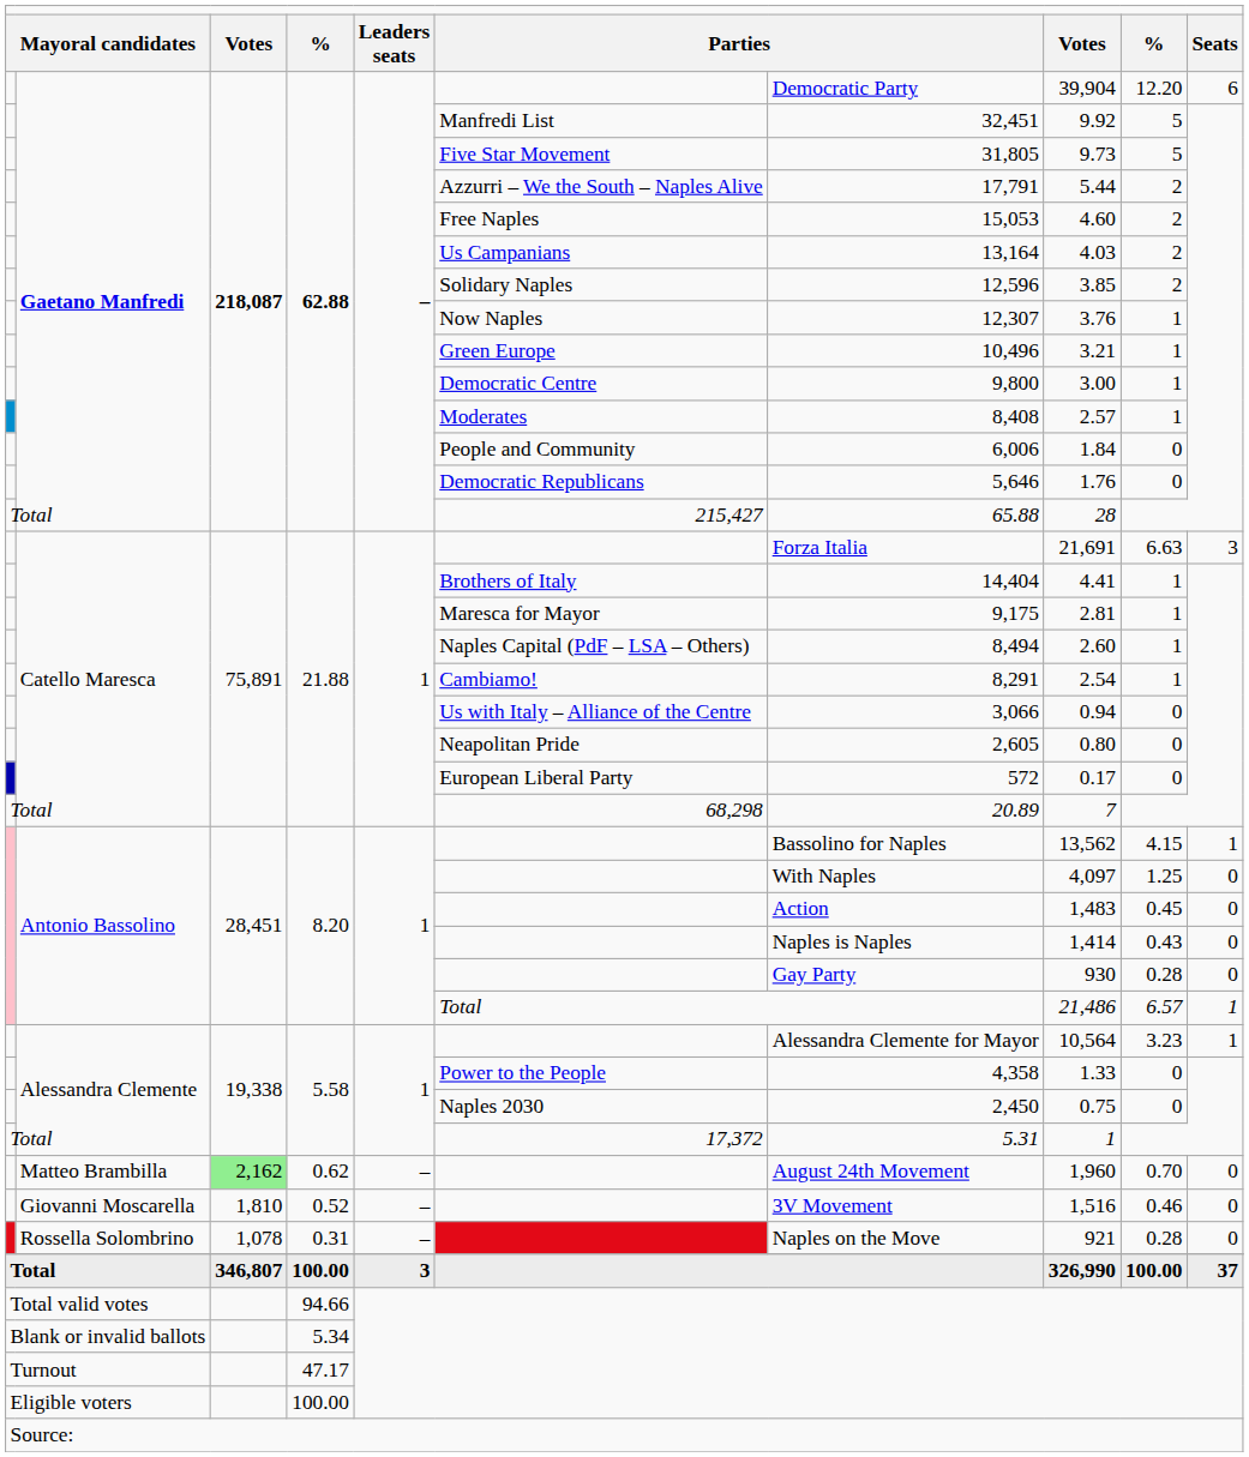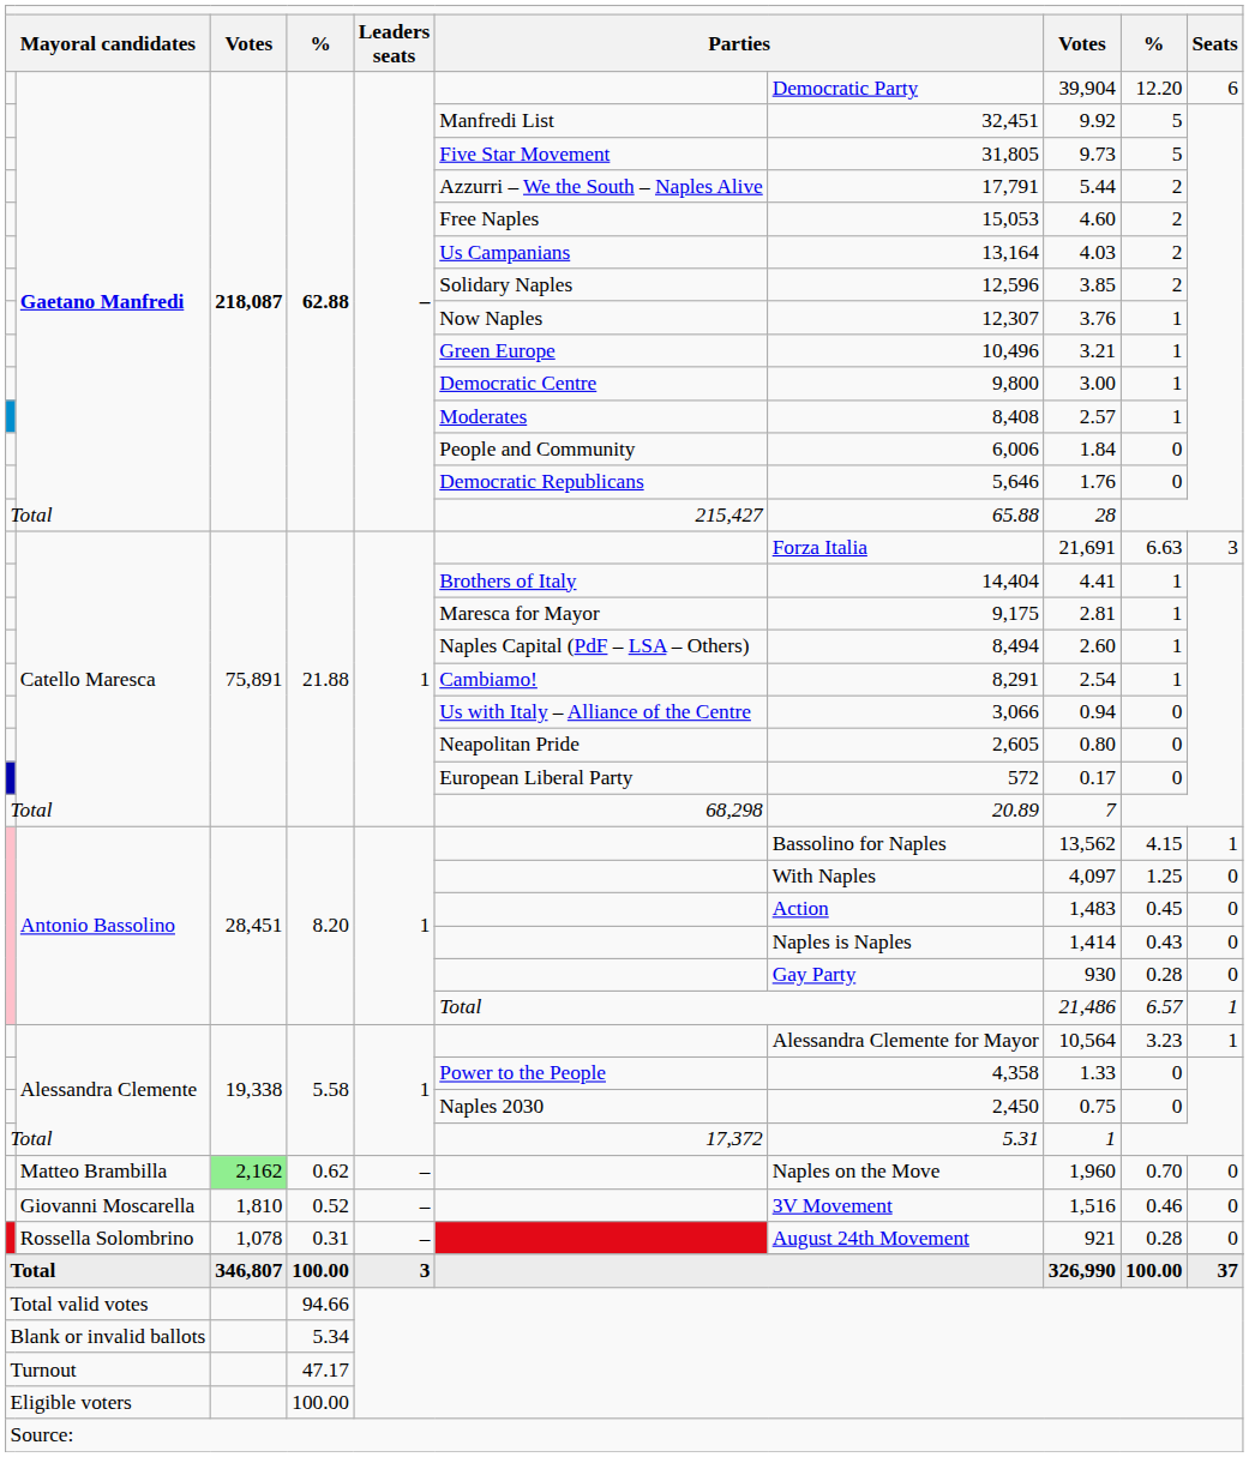 <table class="wikitable" style="text-align:right;">
 <tr>
 <td colspan="11"></td>
 </tr>
 <tr>
 <th colspan="2">Mayoral candidates</th>
 <th>Votes</th>
 <th>%</th>
 <th>Leaders<br> seats</th>
 <th colspan="2">Parties</th>
 <th>Votes</th>
 <th>%</th>
 <th>Seats</th>
 </tr>
 <tr>
 <td></td>
 <td rowspan=14 align=left><strong><a href='#'>Gaetano Manfredi</a></strong></td>
 <td rowspan=14><strong>218,087</strong></td>
 <td rowspan=14><strong>62.88</strong></td>
 <td rowspan=14><strong>–</strong></td>
 <td></td>
 <td align=left><a href='#'>Democratic Party</a></td>
 <td>39,904</td>
 <td>12.20</td>
 <td>6</td>
 </tr>
 <tr>
 <td></td>
 <td align=left>Manfredi List</td>
 <td>32,451</td>
 <td>9.92</td>
 <td>5</td>
 </tr>
 <tr>
 <td></td>
 <td align=left><a href='#'>Five Star Movement</a></td>
 <td>31,805</td>
 <td>9.73</td>
 <td>5</td>
 </tr>
 <tr>
 <td></td>
 <td align=left>Azzurri – <a href='#'>We the South</a> – <a href='#'>Naples Alive</a></td>
 <td>17,791</td>
 <td>5.44</td>
 <td>2</td>
 </tr>
 <tr>
 <td></td>
 <td align=left>Free Naples</td>
 <td>15,053</td>
 <td>4.60</td>
 <td>2</td>
 </tr>
 <tr>
 <td></td>
 <td align=left><a href='#'>Us Campanians</a></td>
 <td>13,164</td>
 <td>4.03</td>
 <td>2</td>
 </tr>
 <tr>
 <td></td>
 <td align=left>Solidary Naples</td>
 <td>12,596</td>
 <td>3.85</td>
 <td>2</td>
 </tr>
 <tr>
 <td></td>
 <td align=left>Now Naples</td>
 <td>12,307</td>
 <td>3.76</td>
 <td>1</td>
 </tr>
 <tr>
 <td></td>
 <td align=left><a href='#'>Green Europe</a></td>
 <td>10,496</td>
 <td>3.21</td>
 <td>1</td>
 </tr>
 <tr>
 <td></td>
 <td align=left><a href='#'>Democratic Centre</a></td>
 <td>9,800</td>
 <td>3.00</td>
 <td>1</td>
 </tr>
 <tr>
 <td bgcolor="#008ECE"></td>
 <td align=left><a href='#'>Moderates</a></td>
 <td>8,408</td>
 <td>2.57</td>
 <td>1</td>
 </tr>
 <tr>
 <td></td>
 <td align=left>People and Community</td>
 <td>6,006</td>
 <td>1.84</td>
 <td>0</td>
 </tr>
 <tr>
 <td></td>
 <td align=left><a href='#'>Democratic Republicans</a></td>
 <td>5,646</td>
 <td>1.76</td>
 <td>0</td>
 </tr>
 <tr>
 <td colspan=2 style="text-align:left;"><em>Total</em></td>
 <td><em>215,427</em></td>
 <td><em>65.88</em></td>
 <td><em>28</em></td>
 </tr>
 <tr>
 <td></td>
 <td rowspan=9 align=left>Catello Maresca</td>
 <td rowspan=9>75,891</td>
 <td rowspan=9>21.88</td>
 <td rowspan=9>1</td>
 <td></td>
 <td align=left><a href='#'>Forza Italia</a></td>
 <td>21,691</td>
 <td>6.63</td>
 <td>3</td>
 </tr>
 <tr>
 <td></td>
 <td align=left><a href='#'>Brothers of Italy</a></td>
 <td>14,404</td>
 <td>4.41</td>
 <td>1</td>
 </tr>
 <tr>
 <td></td>
 <td align=left>Maresca for Mayor</td>
 <td>9,175</td>
 <td>2.81</td>
 <td>1</td>
 </tr>
 <tr>
 <td></td>
 <td align=left>Naples Capital (<a href='#'>PdF</a> – <a href='#'>LSA</a> – Others)</td>
 <td>8,494</td>
 <td>2.60</td>
 <td>1</td>
 </tr>
 <tr>
 <td></td>
 <td align=left><a href='#'>Cambiamo!</a></td>
 <td>8,291</td>
 <td>2.54</td>
 <td>1</td>
 </tr>
 <tr>
 <td></td>
 <td align=left><a href='#'>Us with Italy</a> – <a href='#'>Alliance of the Centre</a></td>
 <td>3,066</td>
 <td>0.94</td>
 <td>0</td>
 </tr>
 <tr>
 <td></td>
 <td align=left>Neapolitan Pride</td>
 <td>2,605</td>
 <td>0.80</td>
 <td>0</td>
 </tr>
 <tr>
 <td bgcolor="#0000AC"></td>
 <td align=left>European Liberal Party</td>
 <td>572</td>
 <td>0.17</td>
 <td>0</td>
 </tr>
 <tr>
 <td colspan=2 style="text-align:left;"><em>Total</em></td>
 <td><em>68,298</em></td>
 <td><em>20.89</em></td>
 <td><em>7</em></td>
 </tr>
 <tr>
 <td bgcolor="pink" rowspan=6></td>
 <td rowspan=6 align=left><a href='#'>Antonio Bassolino</a></td>
 <td rowspan=6>28,451</td>
 <td rowspan=6>8.20</td>
 <td rowspan=6>1</td>
 <td></td>
 <td align=left>Bassolino for Naples</td>
 <td>13,562</td>
 <td>4.15</td>
 <td>1</td>
 </tr>
 <tr>
 <td></td>
 <td align=left>With Naples</td>
 <td>4,097</td>
 <td>1.25</td>
 <td>0</td>
 </tr>
 <tr>
 <td></td>
 <td align=left><a href='#'>Action</a></td>
 <td>1,483</td>
 <td>0.45</td>
 <td>0</td>
 </tr>
 <tr>
 <td></td>
 <td align=left>Naples is Naples</td>
 <td>1,414</td>
 <td>0.43</td>
 <td>0</td>
 </tr>
 <tr>
 <td></td>
 <td align=left><a href='#'>Gay Party</a></td>
 <td>930</td>
 <td>0.28</td>
 <td>0</td>
 </tr>
 <tr>
 <td colspan=2 style="text-align:left;"><em>Total</em></td>
 <td><em>21,486</em></td>
 <td><em>6.57</em></td>
 <td><em>1</em></td>
 </tr>
 <tr>
 <td></td>
 <td rowspan=4 align=left>Alessandra Clemente</td>
 <td rowspan=4>19,338</td>
 <td rowspan=4>5.58</td>
 <td rowspan=4>1</td>
 <td></td>
 <td align=left>Alessandra Clemente for Mayor</td>
 <td>10,564</td>
 <td>3.23</td>
 <td>1</td>
 </tr>
 <tr>
 <td></td>
 <td align=left><a href='#'>Power to the People</a></td>
 <td>4,358</td>
 <td>1.33</td>
 <td>0</td>
 </tr>
 <tr>
 <td></td>
 <td align=left>Naples 2030</td>
 <td>2,450</td>
 <td>0.75</td>
 <td>0</td>
 </tr>
 <tr>
 <td colspan=2 style="text-align:left;"><em>Total</em></td>
 <td><em>17,372</em></td>
 <td><em>5.31</em></td>
 <td><em>1</em></td>
 </tr>
 <tr>
 <td></td>
 <td align=left>Matteo Brambilla</td>
 <td style="background: lightgreen;">2,162</td>
 <td>0.62</td>
 <td>–</td>
 <td></td>
-<td align=left><a href='#'>August 24th Movement</a></td>
+<td align=left>Naples on the Move</td>
 <td>1,960</td>
 <td>0.70</td>
 <td>0</td>
 </tr>
 <tr>
 <td></td>
 <td align=left>Giovanni Moscarella</td>
 <td>1,810</td>
 <td>0.52</td>
 <td>–</td>
 <td></td>
 <td align=left><a href='#'>3V Movement</a></td>
 <td>1,516</td>
 <td>0.46</td>
 <td>0</td>
 </tr>
 <tr>
 <td bgcolor="#E30917"></td>
 <td align=left>Rossella Solombrino</td>
 <td>1,078</td>
 <td>0.31</td>
 <td>–</td>
 <td bgcolor="#E30917"></td>
-<td align=left>Naples on the Move</td>
+<td align=left><a href='#'>August 24th Movement</a></td>
 <td>921</td>
 <td>0.28</td>
 <td>0</td>
 </tr>
 <tr>
 </tr>
 <tr bgcolor=ececec>
 <td colspan="2" align=left><strong>Total</strong></td>
 <td><strong>346,807</strong></td>
 <td><strong>100.00</strong></td>
 <td><strong>3</strong></td>
 <td colspan=2></td>
 <td><strong>326,990</strong></td>
 <td><strong>100.00</strong></td>
 <td><strong>37</strong></td>
 </tr>
 <tr>
 <td colspan=2 align=left>Total valid votes</td>
 <td></td>
 <td>94.66</td>
 </tr>
 <tr>
 <td colspan=2 align=left>Blank or invalid ballots</td>
 <td></td>
 <td>5.34</td>
 </tr>
 <tr>
 <td colspan=2 align=left>Turnout</td>
 <td></td>
 <td>47.17</td>
 </tr>
 <tr>
 <td colspan=2 align=left>Eligible voters</td>
 <td></td>
 <td>100.00</td>
 </tr>
 <tr>
 <td colspan="10" align=left>Source:  </td>
 </tr>
 </table>
